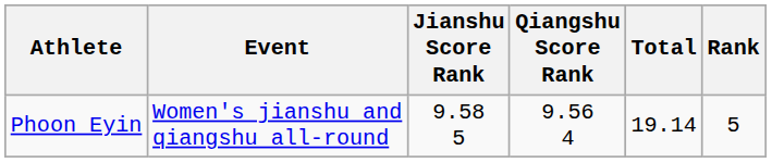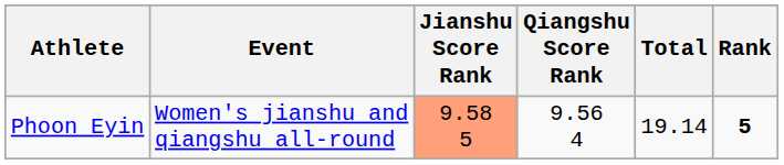 <table class="wikitable" style="text-align:center; font-size:90%">
 <tr>
 <th>Athlete</th>
 <th>Event</th>
 <th>Jianshu<br>Score<br>Rank</th>
 <th>Qiangshu<br>Score<br>Rank</th>
 <th>Total</th>
 <th>Rank</th>
 </tr>
 <tr>
 <td align=left><a href='#'>Phoon Eyin</a></td>
 <td align=left><a href='#'>Women's jianshu and<br>qiangshu all-round</a></td>
-<td>9.58<br>5</td>
+<td style="background: lightsalmon;">9.58<br>5</td>
 <td>9.56<br>4</td>
 <td>19.14</td>
-<td>5</td>
+<td><strong>5</strong></td>
 </tr>
 </table>
